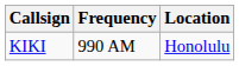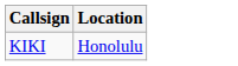 <table class="wikitable">
 <tr>
 <th>Callsign</th>
-<th>Frequency</th>
 <th>Location</th>
 </tr>
 <tr>
 <td><a href='#'>KIKI</a></td>
-<td>990 AM</td>
 <td><a href='#'>Honolulu</a></td>
 </tr>
 </table>
